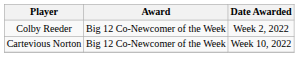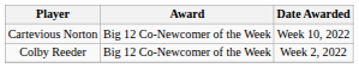 <table class="wikitable" style="text-align: center">
 <tr align="center">
 <th>Player</th>
 <th>Award</th>
 <th>Date Awarded</th>
 </tr>
 <tr>
+<td>Cartevious Norton</td>
+<td>Big 12 Co-Newcomer of the Week</td>
+<td>Week 10, 2022</td>
+</tr>
+<tr>
 <td>Colby Reeder</td>
 <td>Big 12 Co-Newcomer of the Week</td>
 <td>Week 2, 2022</td>
 </tr>
 <tr>
-<td>Cartevious Norton</td>
-<td>Big 12 Co-Newcomer of the Week</td>
-<td>Week 10, 2022</td>
-</tr>
-<tr>
 </tr>
 </table>
